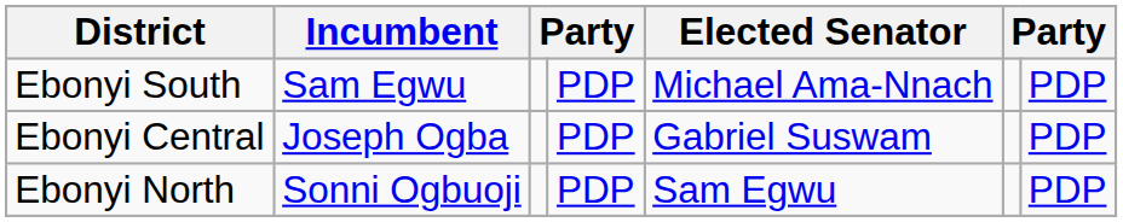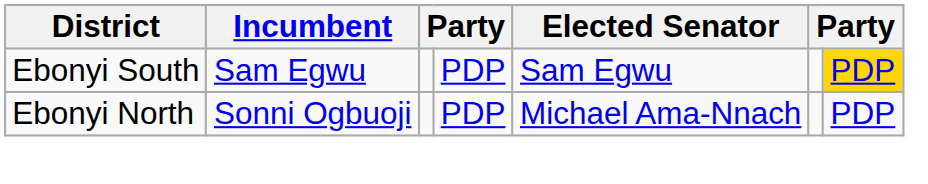 <table class="sortable wikitable" style="font-size:95%;line-height:14px;">
 <tr>
 <th class="unsortable">District</th>
 <th class="unsortable"><a href='#'>Incumbent</a></th>
 <th colspan="2">Party</th>
 <th class="unsortable">Elected Senator</th>
 <th colspan="2">Party</th>
 </tr>
 <tr>
 <td>Ebonyi South</td>
 <td><a href='#'>Sam Egwu</a></td>
 <td style="background:"></td>
 <td><a href='#'>PDP</a></td>
-<td><a href='#'>Michael Ama-Nnach</a></td>
+<td><a href='#'>Sam Egwu</a></td>
 <td style="background:"></td>
-<td><a href='#'>PDP</a></td>
-</tr>
-<tr>
-<td>Ebonyi Central</td>
-<td><a href='#'>Joseph Ogba</a></td>
-<td style="background:"></td>
-<td><a href='#'>PDP</a></td>
-<td><a href='#'>Gabriel Suswam</a></td>
-<td style="background:"></td>
-<td><a href='#'>PDP</a></td>
+<td style="background: gold;"><a href='#'>PDP</a></td>
 </tr>
 <tr>
 <td>Ebonyi North</td>
 <td><a href='#'>Sonni Ogbuoji</a></td>
 <td style="background:"></td>
 <td><a href='#'>PDP</a></td>
-<td><a href='#'>Sam Egwu</a></td>
+<td><a href='#'>Michael Ama-Nnach</a></td>
 <td style="background:"></td>
 <td><a href='#'>PDP</a></td>
 </tr>
 </table>
